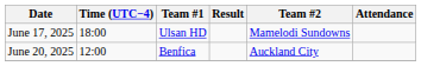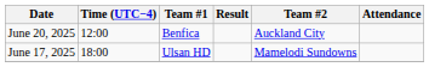 <table class="wikitable">
 <tr>
 <th>Date</th>
 <th>Time (<a href='#'>UTC−4</a>)</th>
 <th>Team #1</th>
 <th>Result</th>
 <th>Team #2</th>
 <th>Attendance</th>
 </tr>
 <tr>
+<td>June 20, 2025</td>
+<td>12:00</td>
+<td><a href='#'>Benfica</a> </td>
+<td></td>
+<td> <a href='#'>Auckland City</a></td>
+<td></td>
+</tr>
+<tr>
 <td>June 17, 2025</td>
 <td>18:00</td>
 <td><a href='#'>Ulsan HD</a> </td>
 <td></td>
 <td> <a href='#'>Mamelodi Sundowns</a></td>
 <td></td>
 </tr>
 <tr>
-<td>June 20, 2025</td>
-<td>12:00</td>
-<td><a href='#'>Benfica</a> </td>
-<td></td>
-<td> <a href='#'>Auckland City</a></td>
-<td></td>
-</tr>
-<tr>
 </tr>
 </table>
